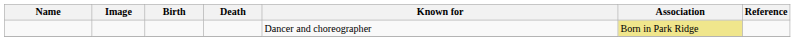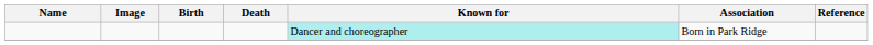 <table class="wikitable sortable">
 <tr>
 <th scope="col" width="140">Name</th>
 <th scope="col" width="80" class="unsortable">Image</th>
 <th scope="col" width="90">Birth</th>
 <th scope="col" width="90">Death</th>
 <th scope="col" width="600" class="unsortable">Known for</th>
 <th scope="col" width="200" class="unsortable">Association</th>
 <th scope="col" width="30" class="unsortable">Reference</th>
 </tr>
 <tr>
 <td></td>
 <td></td>
 <td align=right></td>
 <td></td>
-<td>Dancer and choreographer</td>
-<td style="background: khaki;">Born in Park Ridge</td>
+<td style="background: paleturquoise;">Dancer and choreographer</td>
+<td>Born in Park Ridge</td>
 <td align="center"></td>
 </tr>
 <tr>
 </tr>
 </table>
